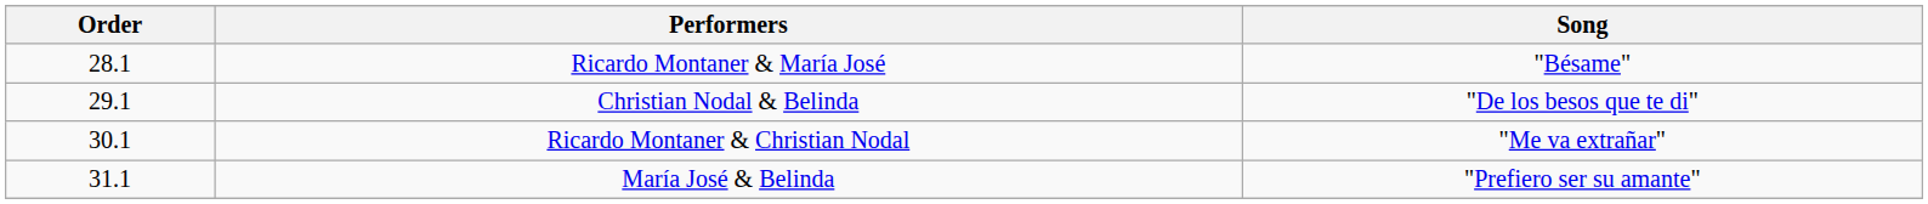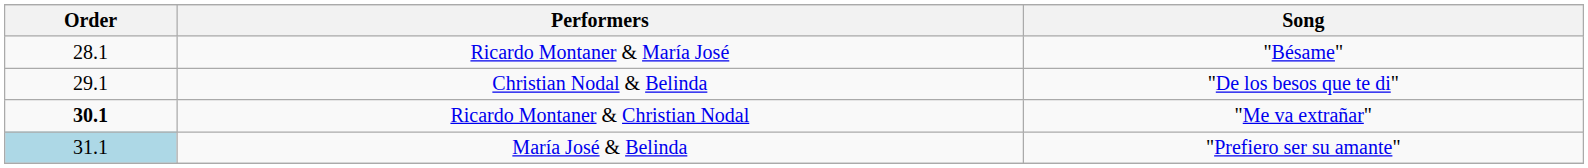 <table class="wikitable" style="text-align:center; width:100%;">
 <tr>
 </tr>
 <tr>
 <th>Order</th>
 <th>Performers</th>
 <th>Song</th>
 </tr>
 <tr>
 <td>28.1</td>
 <td><a href='#'>Ricardo Montaner</a> & <a href='#'>María José</a></td>
 <td>"<a href='#'>Bésame</a>"</td>
 </tr>
 <tr>
 <td>29.1</td>
 <td><a href='#'>Christian Nodal</a> & <a href='#'>Belinda</a></td>
 <td>"<a href='#'>De los besos que te di</a>"</td>
 </tr>
 <tr>
-<td>30.1</td>
+<td><strong>30.1</strong></td>
 <td><a href='#'>Ricardo Montaner</a> & <a href='#'>Christian Nodal</a></td>
 <td>"<a href='#'>Me va extrañar</a>"</td>
 </tr>
 <tr>
-<td>31.1</td>
+<td style="background: lightblue;">31.1</td>
 <td><a href='#'>María José</a> & <a href='#'>Belinda</a></td>
 <td>"<a href='#'>Prefiero ser su amante</a>"</td>
 </tr>
 <tr>
 </tr>
 </table>
